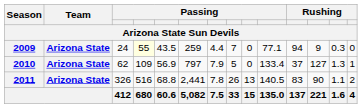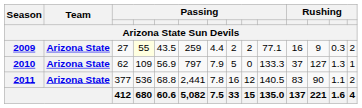 <table class="wikitable" style="text-align:center;">
 <tr>
 <th rowspan="2">Season</th>
 <th rowspan="2">Team</th>
 <th colspan="8">Passing</th>
 <th colspan="4">Rushing</th>
 </tr>
 <tr>
 <th></th>
 <th></th>
 <th></th>
 <th></th>
 <th></th>
 <th></th>
 <th></th>
 <th></th>
 <th></th>
 <th></th>
 <th></th>
 <th></th>
 </tr>
 <tr>
 <th colspan="16">Arizona State Sun Devils</th>
 </tr>
 <tr>
 <th><a href='#'>2009</a></th>
 <th><a href='#'>Arizona State</a></th>
-<td>24</td>
+<td>27</td>
 <td style="background: lightyellow;">55</td>
 <td>43.5</td>
 <td>259</td>
 <td>4.4</td>
-<td>7</td>
-<td>0</td>
+<td>2</td>
+<td>2</td>
 <td>77.1</td>
-<td>94</td>
+<td>16</td>
 <td>9</td>
 <td>0.3</td>
-<td>0</td>
+<td>2</td>
 </tr>
 <tr>
 <th><a href='#'>2010</a></th>
 <th><a href='#'>Arizona State</a></th>
 <td>62</td>
 <td>109</td>
 <td>56.9</td>
 <td>797</td>
 <td>7.9</td>
 <td>5</td>
 <td>0</td>
-<td>133.4</td>
+<td>133.3</td>
 <td>37</td>
 <td>127</td>
 <td>1.3</td>
 <td>1</td>
 </tr>
 <tr>
 <th><a href='#'>2011</a></th>
 <th><a href='#'>Arizona State</a></th>
-<td>326</td>
-<td>516</td>
+<td>377</td>
+<td>536</td>
 <td>68.8</td>
 <td>2,441</td>
 <td>7.8</td>
-<td>26</td>
-<td>13</td>
+<td>16</td>
+<td>12</td>
 <td>140.5</td>
 <td>83</td>
 <td>90</td>
 <td>1.1</td>
 <td>2</td>
 </tr>
 <tr>
 <th colspan="2"></th>
 <th>412</th>
 <th>680</th>
 <th>60.6</th>
 <th>5,082</th>
 <th>7.5</th>
 <th>33</th>
 <th>15</th>
 <th>135.0</th>
 <th>137</th>
 <th>221</th>
 <th>1.6</th>
 <th>4</th>
 </tr>
 </table>
